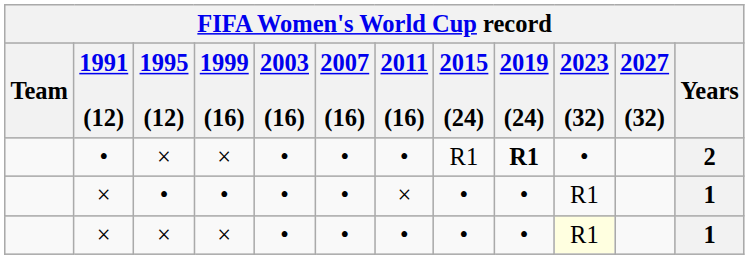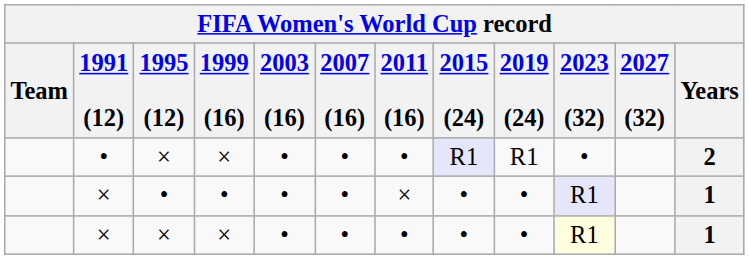 <table class="wikitable" style="text-align:center">
 <tr>
 <th colspan=12><a href='#'>FIFA Women's World Cup</a> record</th>
 </tr>
 <tr>
 <th>Team</th>
 <th><a href='#'>1991</a><br><br>(12)</th>
 <th><a href='#'>1995</a><br><br>(12)</th>
 <th><a href='#'>1999</a><br><br>(16)</th>
 <th><a href='#'>2003</a><br><br>(16)</th>
 <th><a href='#'>2007</a><br><br>(16)</th>
 <th><a href='#'>2011</a><br><br>(16)</th>
 <th><a href='#'>2015</a> <br><br>(24)</th>
 <th><a href='#'>2019</a><br><br>(24)</th>
 <th><a href='#'>2023</a><br> <br>(32)</th>
 <th><a href='#'>2027</a><br><br>(32)</th>
 <th>Years</th>
 </tr>
 <tr>
 <td align=left></td>
 <td>•</td>
 <td>×</td>
 <td>×</td>
 <td>•</td>
 <td>•</td>
 <td>•</td>
+<td style="background: lavender;">R1</td>
 <td>R1</td>
-<td><strong>R1</strong></td>
 <td>•</td>
 <td></td>
 <th>2</th>
 </tr>
 <tr>
 <td align=left></td>
 <td>×</td>
 <td>•</td>
 <td>•</td>
 <td>•</td>
 <td>•</td>
 <td>×</td>
 <td>•</td>
 <td>•</td>
-<td>R1</td>
+<td style="background: lavender;">R1</td>
 <td></td>
 <th>1</th>
 </tr>
 <tr>
 <td align=left></td>
 <td>×</td>
 <td>×</td>
 <td>×</td>
 <td>•</td>
 <td>•</td>
 <td>•</td>
 <td>•</td>
 <td>•</td>
 <td style="background: lightyellow;">R1</td>
 <td></td>
 <th>1</th>
 </tr>
 </table>
